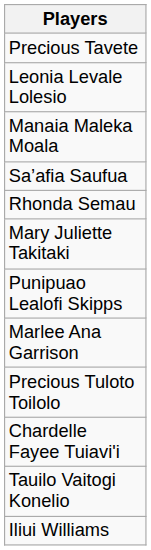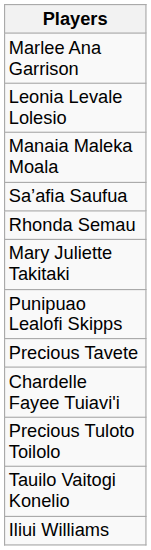 <table class="wikitable" style="width:20%">
 <tr>
 <th>Players</th>
 </tr>
 <tr>
-<td>Precious Tavete</td>
+<td>Marlee Ana Garrison</td>
 </tr>
 <tr>
 <td>Leonia Levale Lolesio</td>
 </tr>
 <tr>
 <td>Manaia Maleka Moala</td>
 </tr>
 <tr>
 <td>Sa’afia Saufua</td>
 </tr>
 <tr>
 <td>Rhonda Semau</td>
 </tr>
 <tr>
 <td>Mary Juliette Takitaki</td>
 </tr>
 <tr>
 <td>Punipuao Lealofi Skipps</td>
 </tr>
 <tr>
-<td>Marlee Ana Garrison</td>
+<td>Precious Tavete</td>
+</tr>
+<tr>
+<td>Chardelle Fayee Tuiavi'i</td>
 </tr>
 <tr>
 <td>Precious Tuloto Toilolo</td>
-</tr>
-<tr>
-<td>Chardelle Fayee Tuiavi'i</td>
 </tr>
 <tr>
 <td>Tauilo Vaitogi Konelio</td>
 </tr>
 <tr>
 <td>Iliui Williams</td>
 </tr>
 </table>
